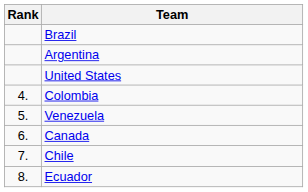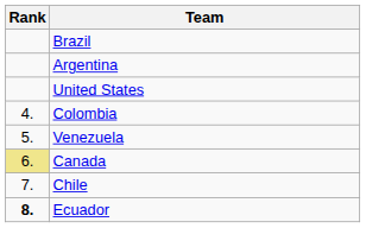 <table class="wikitable" style="font-size:95%">
 <tr>
 <th>Rank</th>
 <th align="left" style="width: 20em">Team</th>
 </tr>
 <tr>
 <td align="center"></td>
 <td> <a href='#'>Brazil</a></td>
 </tr>
 <tr>
 <td align="center"></td>
 <td> <a href='#'>Argentina</a></td>
 </tr>
 <tr>
 <td align="center"></td>
 <td> <a href='#'>United States</a></td>
 </tr>
 <tr>
 <td rowspan=1 align="center">4.</td>
 <td> <a href='#'>Colombia</a></td>
 </tr>
 <tr>
 <td rowspan=1 align="center">5.</td>
 <td> <a href='#'>Venezuela</a></td>
 </tr>
 <tr>
-<td rowspan=1 align="center">6.</td>
+<td rowspan=1 align="center" style="background: khaki;">6.</td>
 <td> <a href='#'>Canada</a></td>
 </tr>
 <tr>
 <td rowspan=1 align="center">7.</td>
 <td> <a href='#'>Chile</a></td>
 </tr>
 <tr>
-<td rowspan=1 align="center">8.</td>
+<td rowspan=1 align="center"><strong>8.</strong></td>
 <td> <a href='#'>Ecuador</a></td>
 </tr>
 </table>
